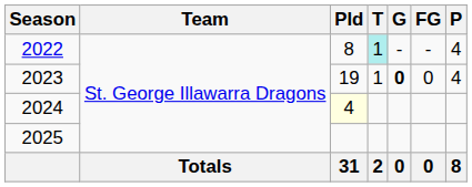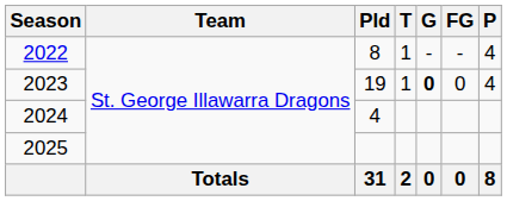 <table class="wikitable" style="border-collapse:collapse;text-align:center">
 <tr>
 <th>Season</th>
 <th>Team</th>
 <th>Pld</th>
 <th>T</th>
 <th>G</th>
 <th>FG</th>
 <th>P</th>
 </tr>
 <tr>
 <td><a href='#'>2022</a></td>
 <td rowspan="4"> <a href='#'>St. George Illawarra Dragons</a></td>
 <td>8</td>
-<td style="background: paleturquoise;">1</td>
+<td>1</td>
 <td>-</td>
 <td>-</td>
 <td>4</td>
 </tr>
 <tr>
 <td>2023</td>
 <td>19</td>
 <td>1</td>
 <td><strong>0</strong></td>
 <td>0</td>
 <td>4</td>
 </tr>
 <tr>
 <td>2024</td>
-<td style="background: lightyellow;">4</td>
+<td>4</td>
 <td></td>
 <td></td>
 <td></td>
 <td></td>
 </tr>
 <tr>
 <td>2025</td>
 <td></td>
 <td></td>
 <td></td>
 <td></td>
 <td></td>
 </tr>
 <tr>
 <th></th>
 <th>Totals</th>
 <th>31</th>
 <th>2</th>
 <th>0</th>
 <th>0</th>
 <th>8</th>
 </tr>
 </table>
